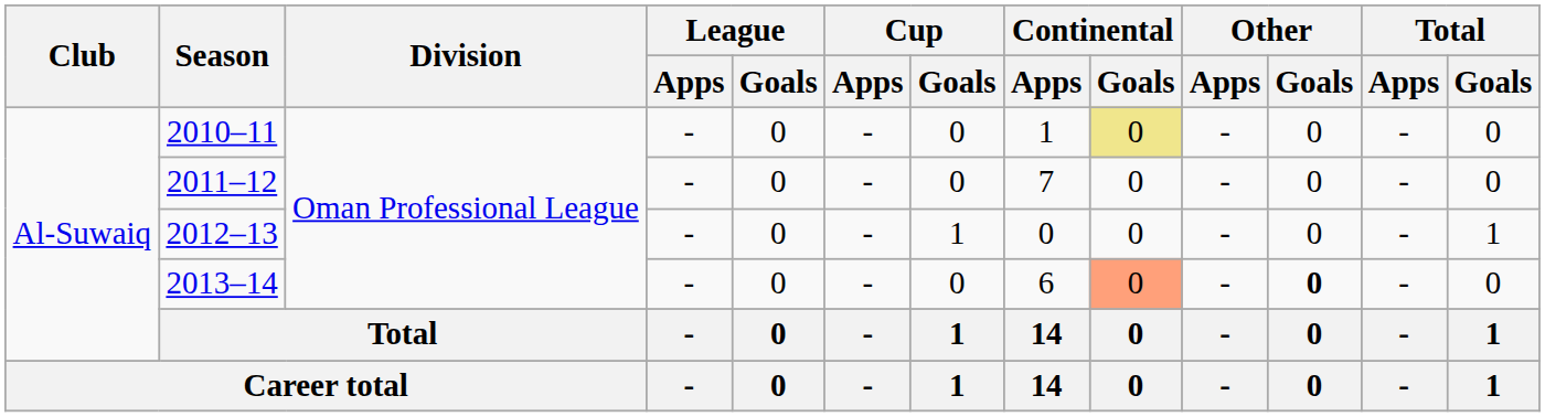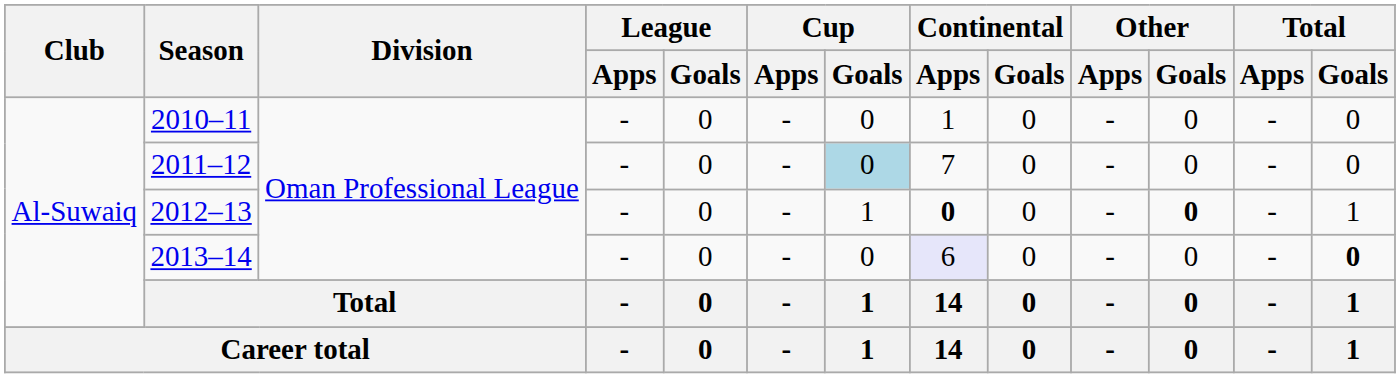 <table class="wikitable" style="text-align: center;">
 <tr>
 <th rowspan="2">Club</th>
 <th rowspan="2">Season</th>
 <th rowspan="2">Division</th>
 <th colspan="2">League</th>
 <th colspan="2">Cup</th>
 <th colspan="2">Continental</th>
 <th colspan="2">Other</th>
 <th colspan="2">Total</th>
 </tr>
 <tr>
 <th>Apps</th>
 <th>Goals</th>
 <th>Apps</th>
 <th>Goals</th>
 <th>Apps</th>
 <th>Goals</th>
 <th>Apps</th>
 <th>Goals</th>
 <th>Apps</th>
 <th>Goals</th>
 </tr>
 <tr>
 <td rowspan="5"><a href='#'>Al-Suwaiq</a></td>
 <td><a href='#'>2010–11</a></td>
 <td rowspan="4"><a href='#'>Oman Professional League</a></td>
 <td>-</td>
 <td>0</td>
 <td>-</td>
 <td>0</td>
 <td>1</td>
-<td style="background: khaki;">0</td>
+<td>0</td>
 <td>-</td>
 <td>0</td>
 <td>-</td>
 <td>0</td>
 </tr>
 <tr>
 <td><a href='#'>2011–12</a></td>
 <td>-</td>
 <td>0</td>
 <td>-</td>
-<td>0</td>
+<td style="background: lightblue;">0</td>
 <td>7</td>
 <td>0</td>
 <td>-</td>
 <td>0</td>
 <td>-</td>
 <td>0</td>
 </tr>
 <tr>
 <td><a href='#'>2012–13</a></td>
 <td>-</td>
 <td>0</td>
 <td>-</td>
 <td>1</td>
-<td>0</td>
+<td><strong>0</strong></td>
 <td>0</td>
 <td>-</td>
-<td>0</td>
+<td><strong>0</strong></td>
 <td>-</td>
 <td>1</td>
 </tr>
 <tr>
 <td><a href='#'>2013–14</a></td>
 <td>-</td>
 <td>0</td>
 <td>-</td>
 <td>0</td>
-<td>6</td>
-<td style="background: lightsalmon;">0</td>
+<td style="background: lavender;">6</td>
+<td>0</td>
+<td>-</td>
+<td>0</td>
 <td>-</td>
 <td><strong>0</strong></td>
-<td>-</td>
-<td>0</td>
 </tr>
 <tr>
 <th colspan="2">Total</th>
 <th>-</th>
 <th>0</th>
 <th>-</th>
 <th>1</th>
 <th>14</th>
 <th>0</th>
 <th>-</th>
 <th>0</th>
 <th>-</th>
 <th>1</th>
 </tr>
 <tr>
 <th colspan="3">Career total</th>
 <th>-</th>
 <th>0</th>
 <th>-</th>
 <th>1</th>
 <th>14</th>
 <th>0</th>
 <th>-</th>
 <th>0</th>
 <th>-</th>
 <th>1</th>
 </tr>
 </table>
